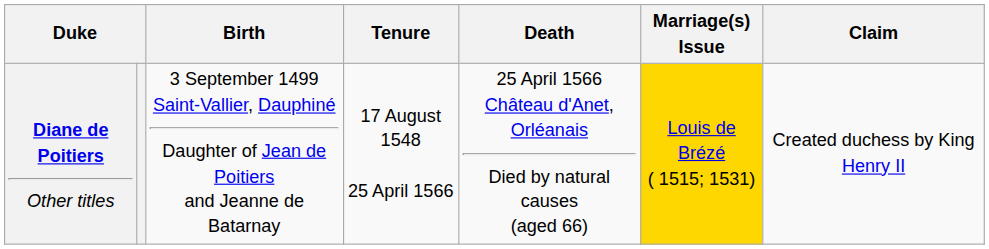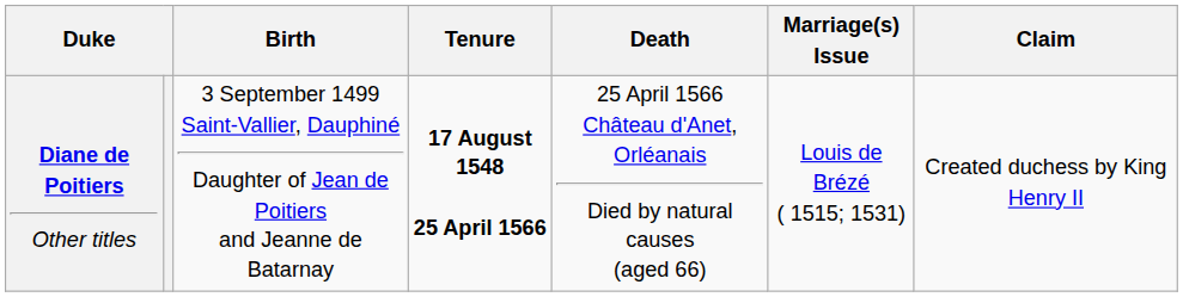 <table class="wikitable" style="line-height:1.4em; text-align:center">
 <tr>
 <th colspan=2>Duke</th>
 <th>Birth</th>
 <th>Tenure</th>
 <th>Death</th>
 <th>Marriage(s)<br>Issue</th>
 <th>Claim</th>
 </tr>
 <tr>
 <th style="font-weight:normal"><br><strong><a href='#'>Diane de Poitiers</a></strong><hr><em>Other titles</em><br></th>
 <th style="font-weight:normal"></th>
 <td>3 September 1499<br><a href='#'>Saint-Vallier</a>, <a href='#'>Dauphiné</a><hr>Daughter of <a href='#'>Jean de Poitiers</a><br>and Jeanne de Batarnay</td>
-<td>17 August 1548<br><br>25 April 1566</td>
+<td><strong>17 August 1548<br><br>25 April 1566</strong></td>
 <td>25 April 1566<br><a href='#'>Château d'Anet</a>, <a href='#'>Orléanais</a><hr>Died by natural causes<br>(aged 66)</td>
-<td style="background: gold;"><a href='#'>Louis de Brézé</a><br>( 1515;  1531)<br></td>
+<td><a href='#'>Louis de Brézé</a><br>( 1515;  1531)<br></td>
 <td>Created duchess by King <a href='#'>Henry II</a></td>
 </tr>
 </table>
